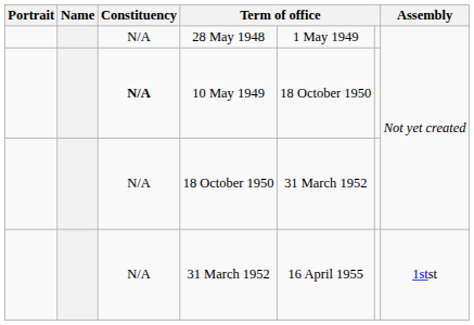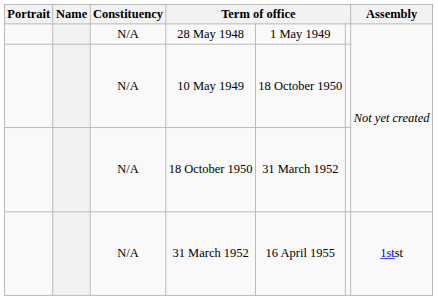 <table class="wikitable sortable" style="text-align:center">
 <tr align="center">
 <th class="unsortable" scope="col">Portrait</th>
 <th scope="col" class="sortable">Name</th>
 <th scope="col">Constituency</th>
 <th colspan="3" scope="colgroup">Term of office</th>
 <th scope="col">Assembly</th>
 </tr>
 <tr align="center">
 <td></td>
 <th scope="row"></th>
 <td>N/A</td>
 <td>28 May 1948</td>
 <td>1 May 1949</td>
 <td></td>
 <td rowspan="3"><em>Not yet created</em></td>
 </tr>
 <tr align="center">
 <td align="center" height="100px"></td>
 <th scope="row"></th>
-<td><strong>N/A</strong></td>
+<td>N/A</td>
 <td>10 May 1949</td>
 <td>18 October 1950</td>
 <td></td>
 </tr>
 <tr align="center">
 <td align="center" height="100px"></td>
 <th scope="row"></th>
 <td>N/A</td>
 <td>18 October 1950</td>
 <td>31 March 1952</td>
 <td></td>
 </tr>
 <tr align="center">
 <td align="center" height="100px"></td>
 <th scope="row"></th>
 <td>N/A</td>
 <td>31 March 1952</td>
 <td>16 April 1955</td>
 <td></td>
 <td rowspan="2"><a href='#'>1st</a>st</td>
 </tr>
 </table>
